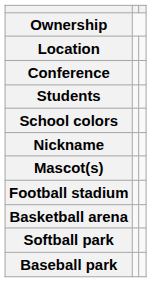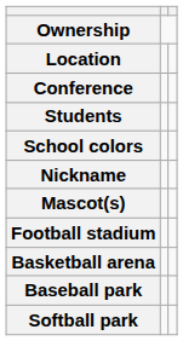 <table class="wikitable" style="float:right; clear:right; margin-left:1em; font-size:88%;">
 <tr>
 <th></th>
 <th><a href='#'></a></th>
 <th><a href='#'></a></th>
 </tr>
 <tr>
 <th scope=row>Ownership</th>
 <td colspan=2></td>
 </tr>
 <tr>
 <th scope=row>Location</th>
 <td></td>
 <td></td>
 </tr>
 <tr>
 <th scope=row>Conference</th>
 <td></td>
 <td></td>
 </tr>
 <tr>
 <th scope=row>Students</th>
 <td></td>
 <td></td>
 </tr>
 <tr>
 <th scope=row>School colors</th>
 <td></td>
 <td></td>
 </tr>
 <tr>
 <th scope=row>Nickname</th>
 <td></td>
 <td></td>
 </tr>
 <tr>
 <th scope=row>Mascot(s)</th>
 <td></td>
 <td></td>
 </tr>
 <tr>
 <th scope=row>Football stadium</th>
 <td></td>
 <td></td>
 </tr>
 <tr>
 <th scope=row>Basketball arena</th>
 <td></td>
 <td></td>
 </tr>
 <tr>
+<th scope=row>Baseball park</th>
+<td></td>
+<td></td>
+</tr>
+<tr>
 <th scope=row>Softball park</th>
 <td></td>
 <td></td>
 </tr>
-<tr>
-<th scope=row>Baseball park</th>
-<td></td>
-<td></td>
-</tr>
 </table>
